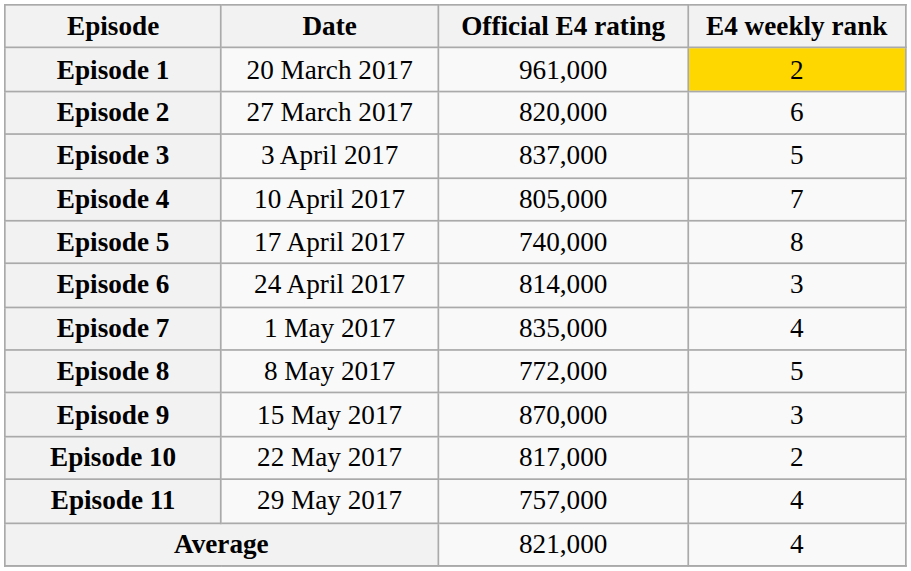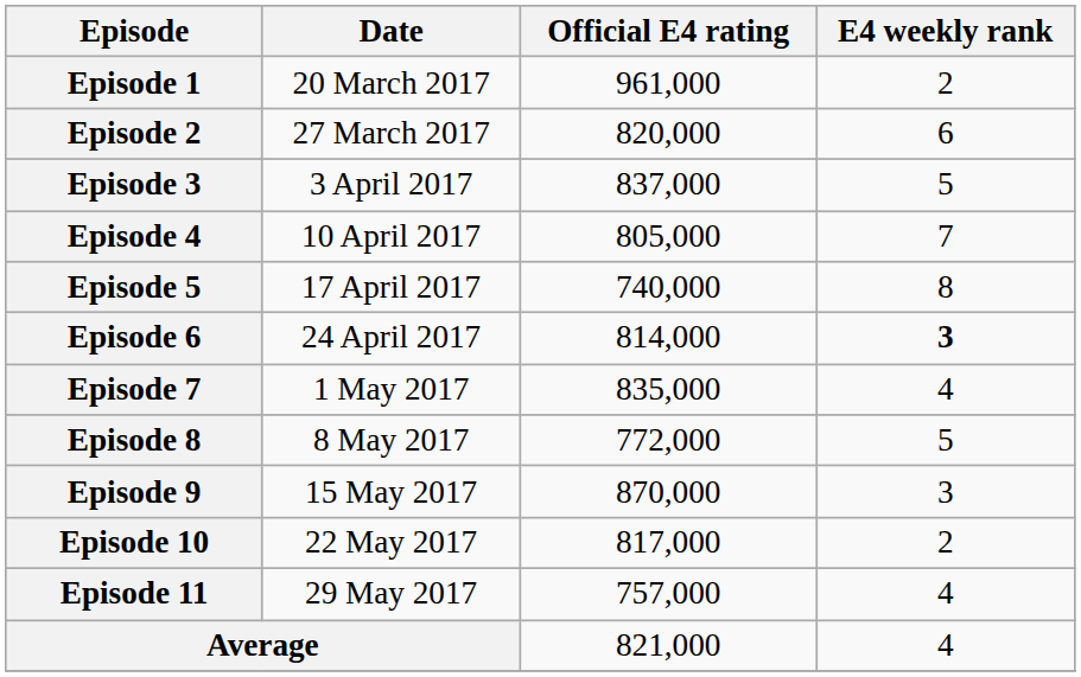 <table class="wikitable sortable" style="text-align:center">
 <tr>
 <th scope="col" style="width:120px;">Episode</th>
 <th scope="col" style="width:120px;">Date</th>
 <th scope="col" style="width:140px;">Official E4 rating</th>
 <th scope="col" style="width:120px;">E4 weekly rank</th>
 </tr>
 <tr>
 <th scope="row">Episode 1</th>
 <td>20 March 2017</td>
 <td>961,000</td>
-<td style="background: gold;">2</td>
+<td>2</td>
 </tr>
 <tr>
 <th scope="row">Episode 2</th>
 <td>27 March 2017</td>
 <td>820,000</td>
 <td>6</td>
 </tr>
 <tr>
 <th scope="row">Episode 3</th>
 <td>3 April 2017</td>
 <td>837,000</td>
 <td>5</td>
 </tr>
 <tr>
 <th scope="row">Episode 4</th>
 <td>10 April 2017</td>
 <td>805,000</td>
 <td>7</td>
 </tr>
 <tr>
 <th scope="row">Episode 5</th>
 <td>17 April 2017</td>
 <td>740,000</td>
 <td>8</td>
 </tr>
 <tr>
 <th scope="row">Episode 6</th>
 <td>24 April 2017</td>
 <td>814,000</td>
-<td>3</td>
+<td><strong>3</strong></td>
 </tr>
 <tr>
 <th scope="row">Episode 7</th>
 <td>1 May 2017</td>
 <td>835,000</td>
 <td>4</td>
 </tr>
 <tr>
 <th scope="row">Episode 8</th>
 <td>8 May 2017</td>
 <td>772,000</td>
 <td>5</td>
 </tr>
 <tr>
 <th scope="row">Episode 9</th>
 <td>15 May 2017</td>
 <td>870,000</td>
 <td>3</td>
 </tr>
 <tr>
 <th scope="row">Episode 10</th>
 <td>22 May 2017</td>
 <td>817,000</td>
 <td>2</td>
 </tr>
 <tr>
 <th scope="row">Episode 11</th>
 <td>29 May 2017</td>
 <td>757,000</td>
 <td>4</td>
 </tr>
 <tr>
 <th scope="row" colspan="2">Average</th>
 <td>821,000</td>
 <td>4</td>
 </tr>
 <tr>
 </tr>
 </table>
